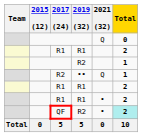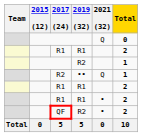 <table class="wikitable" style="text-align:center; font-size:85%;">
 <tr>
 <th>Team</th>
 <th><a href='#'>2015</a><br><br>(12)</th>
 <th><a href='#'>2017</a><br><br>(24)</th>
 <th><a href='#'>2019</a><br><br>(32)</th>
 <th>2021<br><br>(32)</th>
 <td bgcolor=gold><strong>Total</strong></td>
 </tr>
 <tr>
 <td align=left bgcolor=DCDCDC></td>
 <td colspan=3></td>
 <td>Q</td>
 <td><strong>0</strong></td>
 </tr>
 <tr>
 <td align=left bgcolor=FAFAD2></td>
 <td colspan=1></td>
 <td>R1<br></td>
 <td>R1<br></td>
 <td></td>
 <td><strong>2</strong></td>
 </tr>
 <tr>
 <td align=left bgcolor=FAFAD2></td>
 <td colspan=2></td>
 <td>R2<br></td>
 <td></td>
 <td><strong>1</strong></td>
 </tr>
 <tr>
 <td align=left bgcolor=DCDCDC></td>
 <td colspan=1></td>
 <td>R2<br></td>
 <td>••</td>
 <td>Q</td>
 <td><strong>1</strong></td>
 </tr>
 <tr>
 <td align=left bgcolor=FAFAD2></td>
 <td colspan=1></td>
 <td>R1<br></td>
 <td>R1<br></td>
 <td></td>
 <td><strong>2</strong></td>
 </tr>
 <tr>
 <td align=left bgcolor=DCDCDC></td>
 <td colspan=1></td>
 <td>R1<br></td>
 <td>R1<br></td>
 <td>•</td>
 <td><strong>2</strong></td>
 </tr>
 <tr>
 <td align=left bgcolor=DCDCDC></td>
 <td colspan=1></td>
 <td style="border:3px solid red">QF<br></td>
 <td>R2<br></td>
 <td>•</td>
-<td style="background: paleturquoise;"><strong>2</strong></td>
+<td><strong>2</strong></td>
 </tr>
 <tr>
 <th>Total</th>
 <th>0</th>
 <th>5</th>
 <th>5</th>
 <th>0</th>
 <th>10</th>
 </tr>
 </table>
